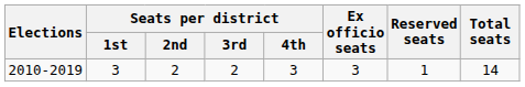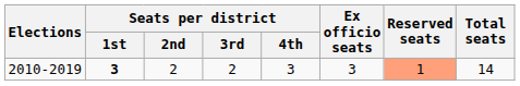 <table class="wikitable" style="text-align:center">
 <tr>
 <th rowspan="2">Elections</th>
 <th colspan="4">Seats per district</th>
 <th rowspan="2" width="50px">Ex officio seats</th>
 <th rowspan="2" width="50px">Reserved seats</th>
 <th rowspan="2" width="50px">Total seats</th>
 </tr>
 <tr>
 <th width="50px">1st</th>
 <th width="50px">2nd</th>
 <th width="50px">3rd</th>
 <th width="50px">4th</th>
 </tr>
 <tr>
 <td>2010-2019</td>
-<td>3</td>
+<td><strong>3</strong></td>
 <td>2</td>
 <td>2</td>
 <td>3</td>
 <td>3</td>
-<td>1</td>
+<td style="background: lightsalmon;">1</td>
 <td>14</td>
 </tr>
 </table>
